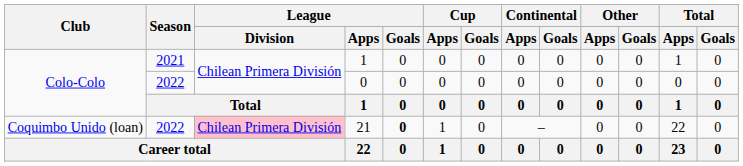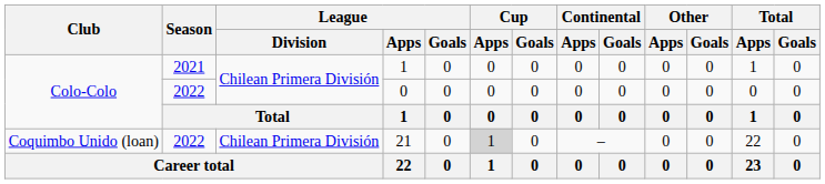 <table class="wikitable" style="text-align: center">
 <tr>
 <th rowspan="2">Club</th>
 <th rowspan="2">Season</th>
 <th colspan="3">League</th>
 <th colspan="2">Cup</th>
 <th colspan="2">Continental</th>
 <th colspan="2">Other</th>
 <th colspan="2">Total</th>
 </tr>
 <tr>
 <th>Division</th>
 <th>Apps</th>
 <th>Goals</th>
 <th>Apps</th>
 <th>Goals</th>
 <th>Apps</th>
 <th>Goals</th>
 <th>Apps</th>
 <th>Goals</th>
 <th>Apps</th>
 <th>Goals</th>
 </tr>
 <tr>
 <td rowspan="3"><a href='#'>Colo-Colo</a></td>
 <td><a href='#'>2021</a></td>
 <td rowspan="2"><a href='#'>Chilean Primera División</a></td>
 <td>1</td>
 <td>0</td>
 <td>0</td>
 <td>0</td>
 <td>0</td>
 <td>0</td>
 <td>0</td>
 <td>0</td>
 <td>1</td>
 <td>0</td>
 </tr>
 <tr>
 <td><a href='#'>2022</a></td>
 <td>0</td>
 <td>0</td>
 <td>0</td>
 <td>0</td>
 <td>0</td>
 <td>0</td>
 <td>0</td>
 <td>0</td>
 <td>0</td>
 <td>0</td>
 </tr>
 <tr>
 <th colspan="2"><strong>Total</strong></th>
 <th>1</th>
 <th>0</th>
 <th>0</th>
 <th>0</th>
 <th>0</th>
 <th>0</th>
 <th>0</th>
 <th>0</th>
 <th>1</th>
 <th>0</th>
 </tr>
 <tr>
 <td><a href='#'>Coquimbo Unido</a> (loan)</td>
 <td><a href='#'>2022</a></td>
-<td style="background: pink;"><a href='#'>Chilean Primera División</a></td>
+<td><a href='#'>Chilean Primera División</a></td>
 <td>21</td>
-<td><strong>0</strong></td>
-<td>1</td>
+<td>0</td>
+<td style="background: lightgrey;">1</td>
 <td>0</td>
 <td colspan="2">–</td>
 <td>0</td>
 <td>0</td>
 <td>22</td>
 <td>0</td>
 </tr>
 <tr>
 <th colspan="3"><strong>Career total</strong></th>
 <th>22</th>
 <th>0</th>
 <th>1</th>
 <th>0</th>
 <th>0</th>
 <th>0</th>
 <th>0</th>
 <th>0</th>
 <th>23</th>
 <th>0</th>
 </tr>
 </table>
